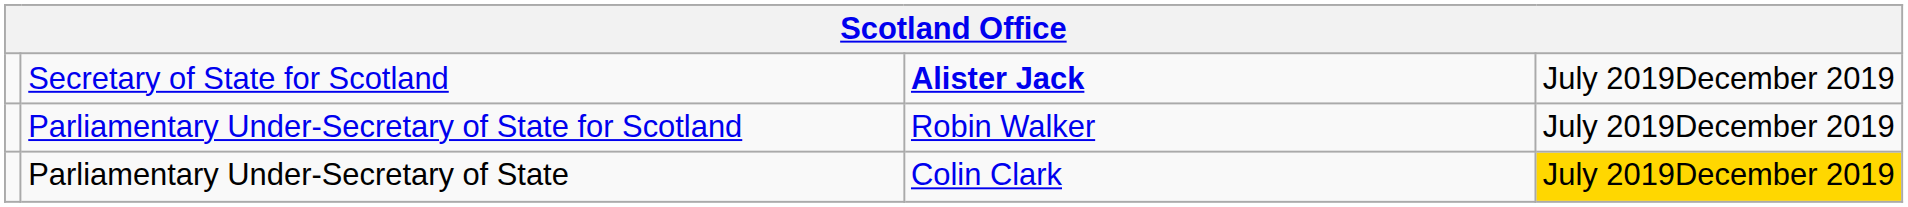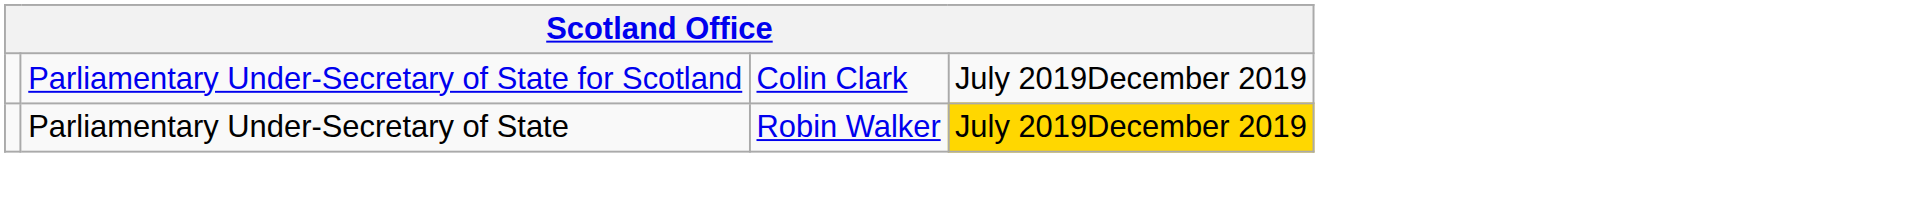 <table class="wikitable">
 <tr>
 <th colspan="4"><a href='#'>Scotland Office</a></th>
 </tr>
 <tr>
 <td style="width: 1px; background: "></td>
-<td style="width: 450px;"><a href='#'>Secretary of State for Scotland</a></td>
-<td style="width: 320px;"><strong><a href='#'>Alister Jack</a></strong></td>
-<td>July 2019December 2019</td>
-</tr>
-<tr>
-<td style="width: 1px; background: "></td>
 <td><a href='#'>Parliamentary Under-Secretary of State for Scotland</a></td>
-<td><a href='#'>Robin Walker</a> <br></td>
+<td><a href='#'>Colin Clark</a> <br></td>
 <td>July 2019December 2019</td>
 </tr>
 <tr>
 <td style="width: 1px; background: "></td>
 <td>Parliamentary Under-Secretary of State</td>
-<td><a href='#'>Colin Clark</a> <br></td>
+<td><a href='#'>Robin Walker</a> <br></td>
 <td style="background: gold;">July 2019December 2019</td>
 </tr>
 </table>
